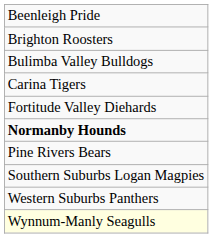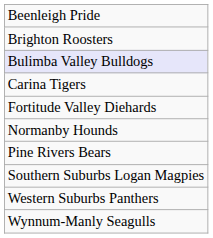 <table class="wikitable">
 <tr>
 <td> Beenleigh Pride</td>
 </tr>
 <tr>
 <td> Brighton Roosters</td>
 </tr>
 <tr>
-<td> Bulimba Valley Bulldogs</td>
+<td style="background: lavender;"> Bulimba Valley Bulldogs</td>
 </tr>
 <tr>
 <td> Carina Tigers</td>
 </tr>
 <tr>
 <td> Fortitude Valley Diehards</td>
 </tr>
 <tr>
-<td><strong> Normanby Hounds</strong></td>
+<td> Normanby Hounds</td>
 </tr>
 <tr>
 <td> Pine Rivers Bears</td>
 </tr>
 <tr>
 <td> Southern Suburbs Logan Magpies</td>
 </tr>
 <tr>
 <td> Western Suburbs Panthers</td>
 </tr>
 <tr>
-<td style="background: lightyellow;"> Wynnum-Manly Seagulls</td>
+<td> Wynnum-Manly Seagulls</td>
 </tr>
 </table>
